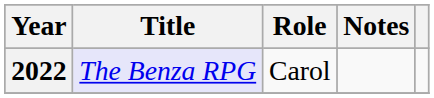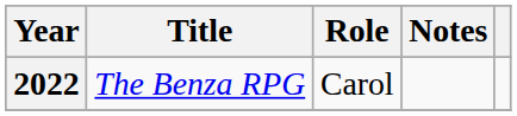 <table class="wikitable plainrowheaders sortable" style="margin-right: 0;">
 <tr>
 <th>Year</th>
 <th>Title</th>
 <th>Role</th>
 <th>Notes</th>
 <th class="unsortable"></th>
 </tr>
 <tr>
 <th scope="row">2022</th>
-<td style="background: lavender;"><em><a href='#'>The Benza RPG</a></em></td>
+<td><em><a href='#'>The Benza RPG</a></em></td>
 <td>Carol</td>
 <td></td>
 <td style="text-align:center;"></td>
 </tr>
 <tr>
 </tr>
 </table>
